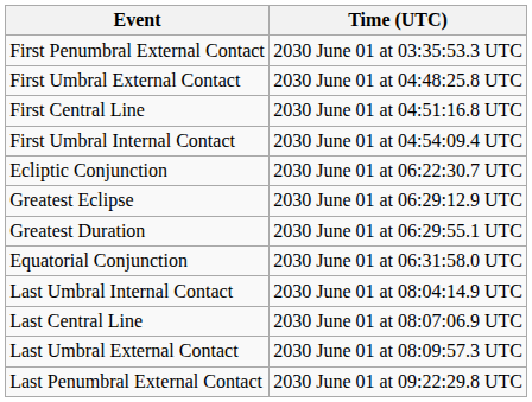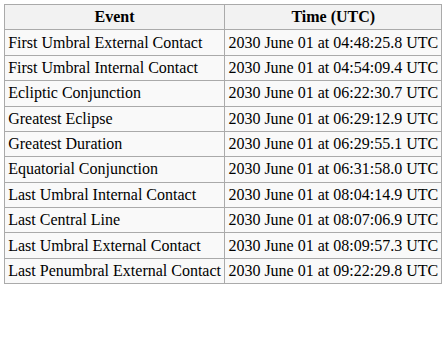 <table class="wikitable">
 <tr>
 <th>Event</th>
 <th>Time (UTC)</th>
 </tr>
 <tr>
-<td>First Penumbral External Contact</td>
-<td>2030 June 01 at 03:35:53.3 UTC</td>
-</tr>
-<tr>
 <td>First Umbral External Contact</td>
 <td>2030 June 01 at 04:48:25.8 UTC</td>
-</tr>
-<tr>
-<td>First Central Line</td>
-<td>2030 June 01 at 04:51:16.8 UTC</td>
 </tr>
 <tr>
 <td>First Umbral Internal Contact</td>
 <td>2030 June 01 at 04:54:09.4 UTC</td>
 </tr>
 <tr>
 <td>Ecliptic Conjunction</td>
 <td>2030 June 01 at 06:22:30.7 UTC</td>
 </tr>
 <tr>
 <td>Greatest Eclipse</td>
 <td>2030 June 01 at 06:29:12.9 UTC</td>
 </tr>
 <tr>
 <td>Greatest Duration</td>
 <td>2030 June 01 at 06:29:55.1 UTC</td>
 </tr>
 <tr>
 <td>Equatorial Conjunction</td>
 <td>2030 June 01 at 06:31:58.0 UTC</td>
 </tr>
 <tr>
 <td>Last Umbral Internal Contact</td>
 <td>2030 June 01 at 08:04:14.9 UTC</td>
 </tr>
 <tr>
 <td>Last Central Line</td>
 <td>2030 June 01 at 08:07:06.9 UTC</td>
 </tr>
 <tr>
 <td>Last Umbral External Contact</td>
 <td>2030 June 01 at 08:09:57.3 UTC</td>
 </tr>
 <tr>
 <td>Last Penumbral External Contact</td>
 <td>2030 June 01 at 09:22:29.8 UTC</td>
 </tr>
 </table>
